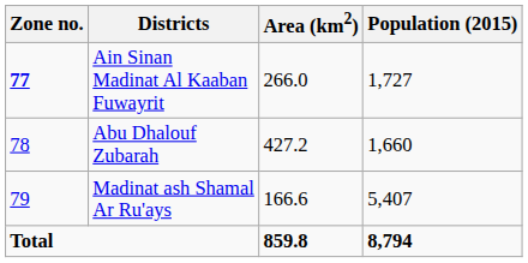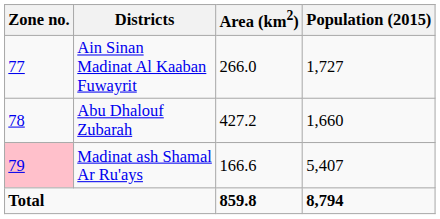 <table class="wikitable">
 <tr>
 <th>Zone no.</th>
 <th>Districts</th>
 <th>Area (km<sup>2</sup>)</th>
 <th>Population (2015)</th>
 </tr>
 <tr>
-<td><strong><a href='#'>77</a></strong></td>
+<td><a href='#'>77</a></td>
 <td><a href='#'>Ain Sinan</a> <br> <a href='#'>Madinat Al Kaaban</a> <br> <a href='#'>Fuwayrit</a></td>
 <td>266.0</td>
 <td>1,727</td>
 </tr>
 <tr>
 <td><a href='#'>78</a></td>
 <td><a href='#'>Abu Dhalouf</a> <br> <a href='#'>Zubarah</a></td>
 <td>427.2</td>
 <td>1,660</td>
 </tr>
 <tr>
-<td><a href='#'>79</a></td>
+<td style="background: pink;"><a href='#'>79</a></td>
 <td><a href='#'>Madinat ash Shamal</a> <br> <a href='#'>Ar Ru'ays</a></td>
 <td>166.6</td>
 <td>5,407</td>
 </tr>
 <tr>
 <td colspan="2"><strong>Total</strong></td>
 <td><strong>859.8</strong></td>
 <td><strong>8,794</strong></td>
 </tr>
 </table>
